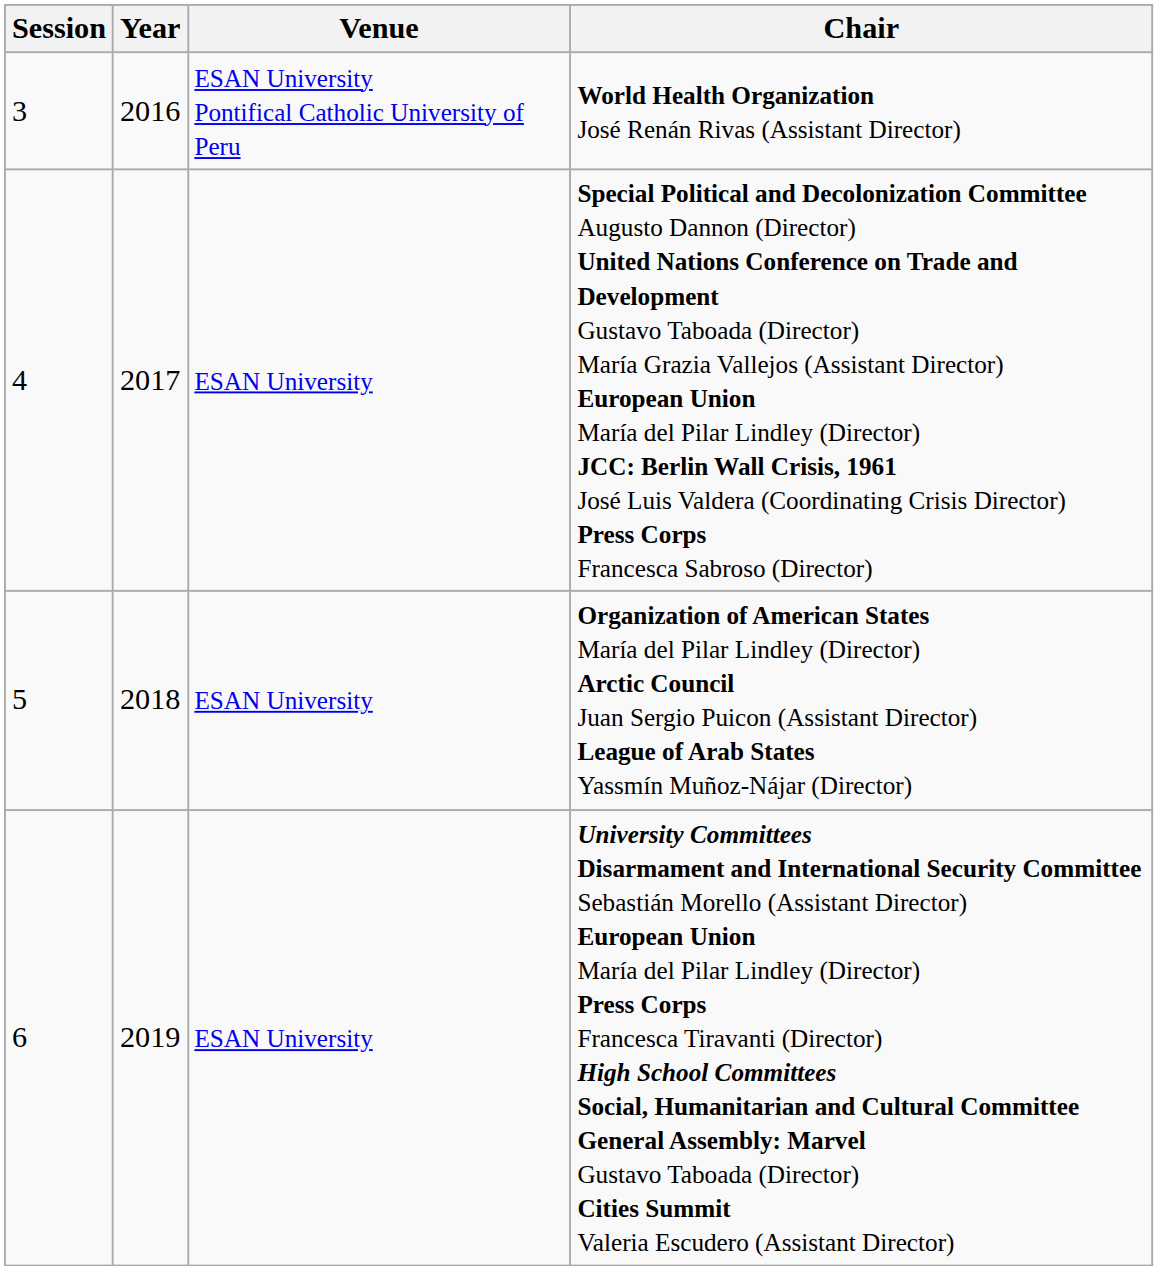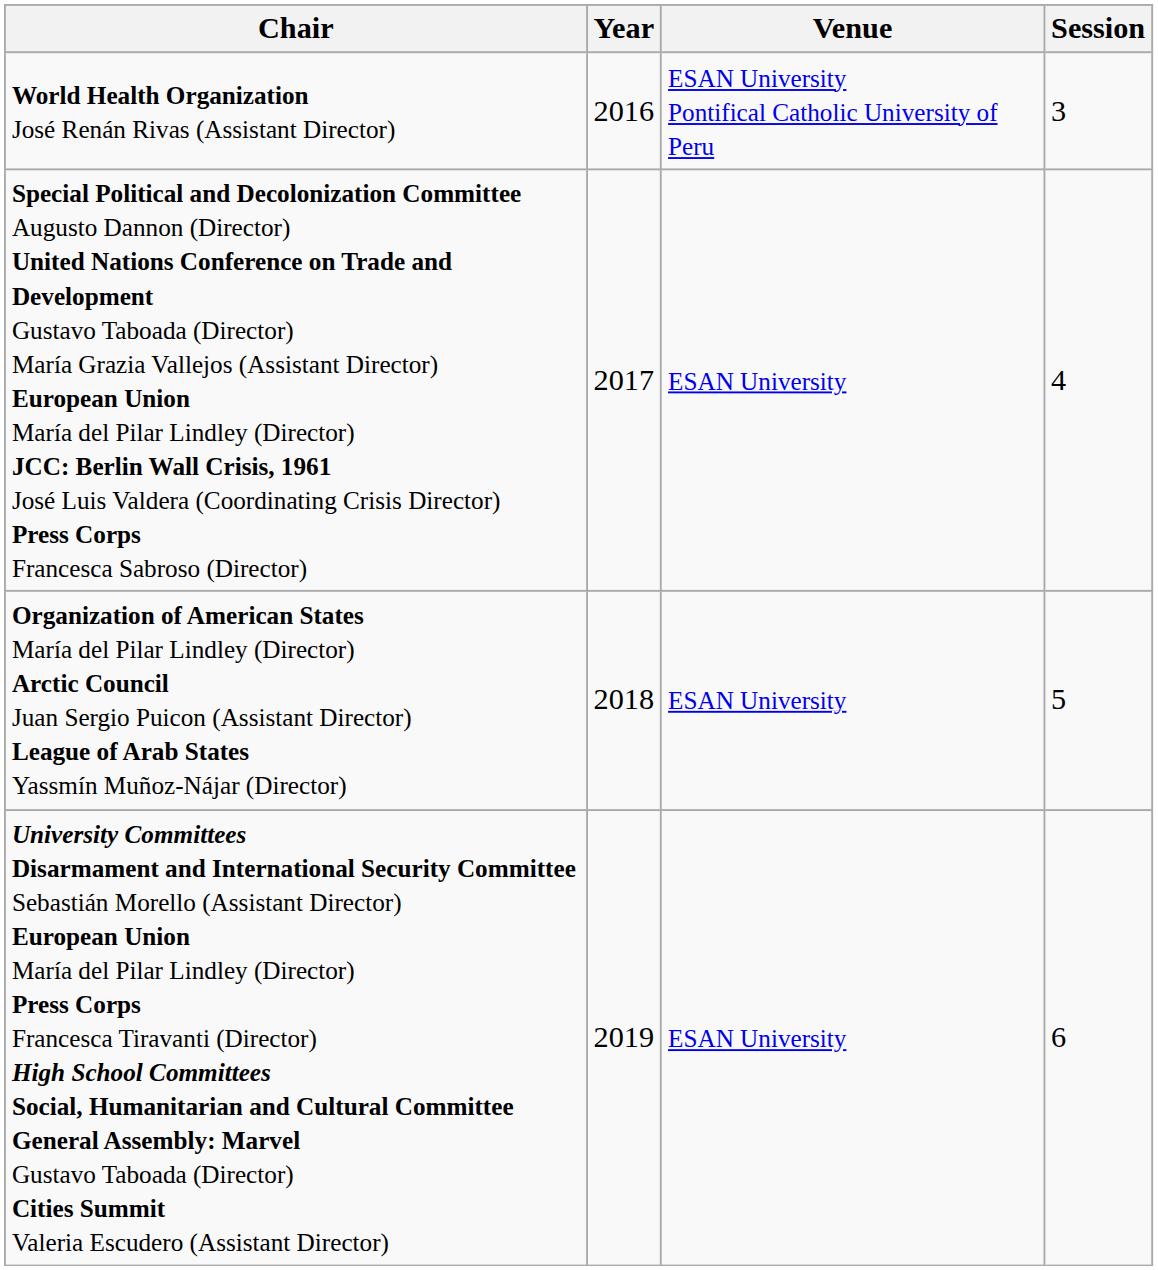 <table class="wikitable">
 <tr>
-<th>Session</th>
+<th>Chair</th>
 <th>Year</th>
 <th>Venue</th>
-<th>Chair</th>
+<th>Session</th>
 </tr>
 <tr>
-<td>3</td>
+<td><small><strong>World Health Organization</strong><br>José Renán Rivas (Assistant Director)</small></td>
 <td>2016</td>
 <td><small><a href='#'>ESAN University</a><br><a href='#'>Pontifical Catholic University of Peru</a></small></td>
-<td><small><strong>World Health Organization</strong><br>José Renán Rivas (Assistant Director)</small></td>
+<td>3</td>
 </tr>
 <tr>
-<td>4</td>
+<td><small><strong>Special Political and Decolonization Committee</strong><br>Augusto Dannon (Director)<br><strong>United Nations Conference on Trade and Development</strong><br>Gustavo Taboada (Director)<br>María Grazia Vallejos (Assistant Director)<br><strong>European Union</strong><br>María del Pilar Lindley (Director)<br><strong>JCC: Berlin Wall Crisis, 1961</strong><br>José Luis Valdera (Coordinating Crisis Director)<br><strong>Press Corps</strong><br>Francesca Sabroso (Director)</small></td>
 <td>2017</td>
 <td><small><a href='#'>ESAN University</a></small></td>
-<td><small><strong>Special Political and Decolonization Committee</strong><br>Augusto Dannon (Director)<br><strong>United Nations Conference on Trade and Development</strong><br>Gustavo Taboada (Director)<br>María Grazia Vallejos (Assistant Director)<br><strong>European Union</strong><br>María del Pilar Lindley (Director)<br><strong>JCC: Berlin Wall Crisis, 1961</strong><br>José Luis Valdera (Coordinating Crisis Director)<br><strong>Press Corps</strong><br>Francesca Sabroso (Director)</small></td>
+<td>4</td>
 </tr>
 <tr>
-<td>5</td>
+<td><small><strong>Organization of American States</strong><br>María del Pilar Lindley (Director)<br><strong>Arctic Council</strong><br>Juan Sergio Puicon (Assistant Director)<br><strong>League of Arab States</strong><br>Yassmín Muñoz-Nájar (Director)</small></td>
 <td>2018</td>
 <td><small><a href='#'>ESAN University</a></small></td>
-<td><small><strong>Organization of American States</strong><br>María del Pilar Lindley (Director)<br><strong>Arctic Council</strong><br>Juan Sergio Puicon (Assistant Director)<br><strong>League of Arab States</strong><br>Yassmín Muñoz-Nájar (Director)</small></td>
+<td>5</td>
 </tr>
 <tr>
-<td>6</td>
+<td><small><strong><em>University Committees</em></strong><br><strong>Disarmament and International Security Committee</strong><br>Sebastián Morello (Assistant Director)<br><strong>European Union</strong><br>María del Pilar Lindley (Director)<br><strong>Press Corps</strong><br>Francesca Tiravanti (Director)<br><strong><em>High School Committees</em></strong><br><strong>Social, Humanitarian and Cultural Committee</strong><br><strong>General Assembly: Marvel</strong><br>Gustavo Taboada (Director)<br><strong>Cities Summit</strong><br>Valeria Escudero (Assistant Director)</small></td>
 <td>2019</td>
 <td><small><a href='#'>ESAN University</a></small></td>
-<td><small><strong><em>University Committees</em></strong><br><strong>Disarmament and International Security Committee</strong><br>Sebastián Morello (Assistant Director)<br><strong>European Union</strong><br>María del Pilar Lindley (Director)<br><strong>Press Corps</strong><br>Francesca Tiravanti (Director)<br><strong><em>High School Committees</em></strong><br><strong>Social, Humanitarian and Cultural Committee</strong><br><strong>General Assembly: Marvel</strong><br>Gustavo Taboada (Director)<br><strong>Cities Summit</strong><br>Valeria Escudero (Assistant Director)</small></td>
+<td>6</td>
 </tr>
 </table>
